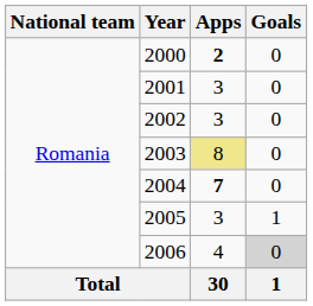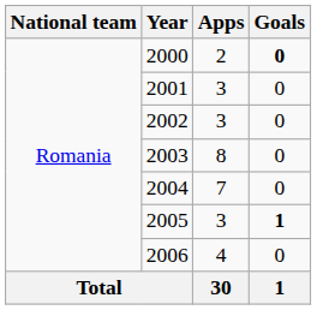 <table class="wikitable" style="text-align: center;">
 <tr>
 <th>National team</th>
 <th>Year</th>
 <th>Apps</th>
 <th>Goals</th>
 </tr>
 <tr>
 <td rowspan="7"><a href='#'>Romania</a></td>
 <td>2000</td>
-<td><strong>2</strong></td>
-<td>0</td>
+<td>2</td>
+<td><strong>0</strong></td>
 </tr>
 <tr>
 <td>2001</td>
 <td>3</td>
 <td>0</td>
 </tr>
 <tr>
 <td>2002</td>
 <td>3</td>
 <td>0</td>
 </tr>
 <tr>
 <td>2003</td>
-<td style="background: khaki;">8</td>
+<td>8</td>
 <td>0</td>
 </tr>
 <tr>
 <td>2004</td>
-<td><strong>7</strong></td>
+<td>7</td>
 <td>0</td>
 </tr>
 <tr>
 <td>2005</td>
 <td>3</td>
-<td>1</td>
+<td><strong>1</strong></td>
 </tr>
 <tr>
 <td>2006</td>
 <td>4</td>
-<td style="background: lightgrey;">0</td>
+<td>0</td>
 </tr>
 <tr>
 <th colspan="2">Total</th>
 <th>30</th>
 <th>1</th>
 </tr>
 </table>
